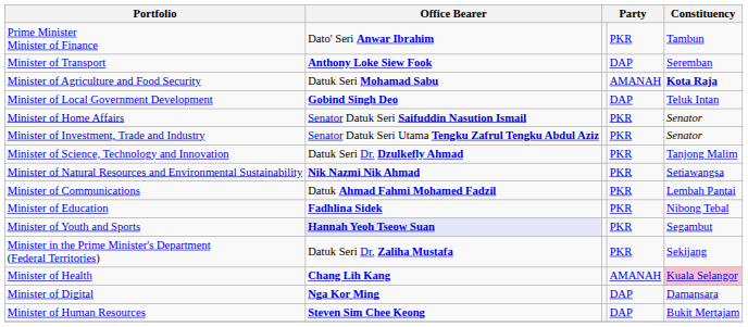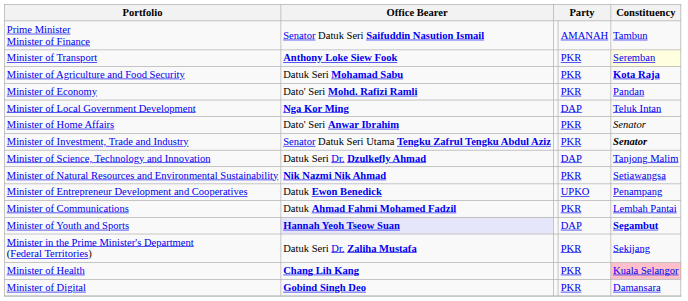 <table class="sortable wikitable">
 <tr>
 <th>Portfolio</th>
 <th>Office Bearer</th>
 <th colspan="2">Party</th>
 <th>Constituency</th>
 </tr>
 <tr>
 <td><a href='#'>Prime Minister</a> <br> <a href='#'>Minister of Finance</a></td>
-<td>Dato' Seri <strong><a href='#'>Anwar Ibrahim</a></strong> </td>
+<td><a href='#'>Senator</a> Datuk Seri <strong><a href='#'>Saifuddin Nasution Ismail</a></strong></td>
 <td></td>
-<td><a href='#'>PKR</a></td>
+<td><a href='#'>AMANAH</a></td>
 <td><a href='#'>Tambun</a></td>
 </tr>
 <tr>
 <td><a href='#'>Minister of Transport</a></td>
 <td><strong><a href='#'>Anthony Loke Siew Fook</a></strong>  </td>
 <td></td>
-<td><a href='#'>DAP</a></td>
-<td><a href='#'>Seremban</a></td>
+<td><a href='#'>PKR</a></td>
+<td style="background: lightyellow;"><a href='#'>Seremban</a></td>
 </tr>
 <tr>
 <td><a href='#'>Minister of Agriculture and Food Security</a></td>
 <td>Datuk Seri <strong><a href='#'>Mohamad Sabu</a></strong> </td>
 <td></td>
-<td><a href='#'>AMANAH</a></td>
+<td><a href='#'>PKR</a></td>
 <td><strong><a href='#'>Kota Raja</a></strong></td>
 </tr>
 <tr>
+<td><a href='#'>Minister of Economy</a></td>
+<td>Dato' Seri <strong><a href='#'>Mohd. Rafizi Ramli</a></strong> </td>
+<td></td>
+<td><a href='#'>PKR</a></td>
+<td><a href='#'>Pandan</a></td>
+</tr>
+<tr>
 <td><a href='#'>Minister of Local Government Development</a></td>
-<td><strong><a href='#'>Gobind Singh Deo</a></strong> </td>
+<td><strong><a href='#'>Nga Kor Ming</a></strong>  </td>
 <td></td>
 <td><a href='#'>DAP</a></td>
 <td><a href='#'>Teluk Intan</a></td>
 </tr>
 <tr>
 <td><a href='#'>Minister of Home Affairs</a></td>
-<td><a href='#'>Senator</a> Datuk Seri <strong><a href='#'>Saifuddin Nasution Ismail</a></strong></td>
+<td>Dato' Seri <strong><a href='#'>Anwar Ibrahim</a></strong> </td>
 <td></td>
 <td><a href='#'>PKR</a></td>
 <td><em>Senator</em></td>
 </tr>
 <tr>
 <td><a href='#'>Minister of Investment, Trade and Industry</a></td>
 <td><a href='#'>Senator</a> Datuk Seri Utama <strong><a href='#'>Tengku Zafrul Tengku Abdul Aziz</a></strong></td>
 <td></td>
 <td><a href='#'>PKR</a></td>
-<td><em>Senator</em></td>
+<td><strong><em>Senator</em></strong></td>
 </tr>
 <tr>
 <td><a href='#'>Minister of Science, Technology and Innovation</a></td>
 <td>Datuk Seri <a href='#'>Dr.</a> <strong><a href='#'>Dzulkefly Ahmad</a></strong> </td>
 <td></td>
-<td><a href='#'>PKR</a></td>
+<td><a href='#'>DAP</a></td>
 <td><a href='#'>Tanjong Malim</a></td>
 </tr>
 <tr>
 <td><a href='#'>Minister of Natural Resources and Environmental Sustainability</a></td>
 <td><strong><a href='#'>Nik Nazmi Nik Ahmad</a></strong> </td>
 <td></td>
 <td><a href='#'>PKR</a></td>
 <td><a href='#'>Setiawangsa</a></td>
 </tr>
 <tr>
+<td><a href='#'>Minister of Entrepreneur Development and Cooperatives</a></td>
+<td>Datuk <strong><a href='#'>Ewon Benedick</a></strong>  </td>
+<td></td>
+<td><a href='#'>UPKO</a></td>
+<td><a href='#'>Penampang</a></td>
+</tr>
+<tr>
 <td><a href='#'>Minister of Communications</a></td>
 <td>Datuk <strong><a href='#'>Ahmad Fahmi Mohamed Fadzil</a></strong> </td>
 <td></td>
 <td><a href='#'>PKR</a></td>
 <td><a href='#'>Lembah Pantai</a></td>
 </tr>
 <tr>
-<td><a href='#'>Minister of Education</a></td>
-<td><strong><a href='#'>Fadhlina Sidek</a></strong> </td>
-<td></td>
-<td><a href='#'>PKR</a></td>
-<td><a href='#'>Nibong Tebal</a></td>
-</tr>
-<tr>
 <td><a href='#'>Minister of Youth and Sports</a></td>
 <td style="background: lavender;"><strong><a href='#'>Hannah Yeoh Tseow Suan</a></strong> </td>
 <td></td>
-<td><a href='#'>PKR</a></td>
-<td><a href='#'>Segambut</a></td>
+<td><a href='#'>DAP</a></td>
+<td><strong><a href='#'>Segambut</a></strong></td>
 </tr>
 <tr>
 <td><a href='#'>Minister in the Prime Minister's Department</a><br>(<a href='#'>Federal Territories</a>)</td>
 <td>Datuk Seri <a href='#'>Dr.</a> <strong><a href='#'>Zaliha Mustafa</a></strong> </td>
 <td></td>
 <td><a href='#'>PKR</a></td>
 <td><a href='#'>Sekijang</a></td>
 </tr>
 <tr>
 <td><a href='#'>Minister of Health</a></td>
 <td><strong><a href='#'>Chang Lih Kang</a></strong> </td>
 <td></td>
-<td><a href='#'>AMANAH</a></td>
+<td><a href='#'>PKR</a></td>
 <td style="background: pink;"><a href='#'>Kuala Selangor</a></td>
 </tr>
 <tr>
 <td><a href='#'>Minister of Digital</a></td>
-<td><strong><a href='#'>Nga Kor Ming</a></strong>  </td>
+<td><strong><a href='#'>Gobind Singh Deo</a></strong> </td>
 <td></td>
-<td><a href='#'>DAP</a></td>
+<td><a href='#'>PKR</a></td>
 <td><a href='#'>Damansara</a></td>
-</tr>
-<tr>
-<td><a href='#'>Minister of Human Resources</a></td>
-<td><strong><a href='#'>Steven Sim Chee Keong</a></strong> </td>
-<td></td>
-<td><a href='#'>DAP</a></td>
-<td><a href='#'>Bukit Mertajam</a></td>
 </tr>
 <tr>
 </tr>
 </table>
